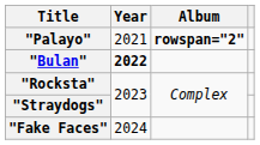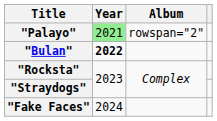 <table class="wikitable plainrowheaders" style="text-align:center;">
 <tr>
 <th scope="col">Title</th>
 <th scope="col">Year</th>
 <th scope="col">Album</th>
 <th scope="col"></th>
 </tr>
 <tr>
 <th scope="row">"Palayo"</th>
-<td>2021</td>
-<td><strong>rowspan="2" </strong></td>
+<td style="background: lightgreen;">2021</td>
+<td>rowspan="2" </td>
 <td></td>
 </tr>
 <tr>
 <th scope="row">"<a href='#'>Bulan</a>"</th>
 <td><strong>2022</strong></td>
 <td></td>
 </tr>
 <tr>
 <th scope="row">"Rocksta"</th>
 <td rowspan="2">2023</td>
 <td rowspan="2"><em>Complex</em></td>
 <td align="center"></td>
 </tr>
 <tr>
 <th scope="row">"Straydogs"</th>
 <td align="center"></td>
 </tr>
 <tr>
 <th scope="row">"Fake Faces"</th>
 <td>2024</td>
 <td></td>
 <td></td>
 </tr>
 </table>
